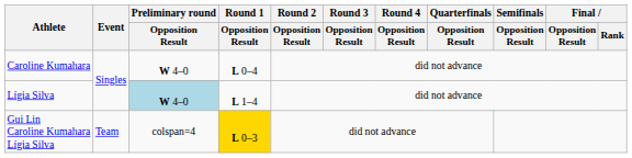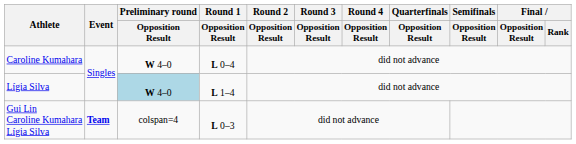 <table class="wikitable" border="1" style="font-size:90%">
 <tr>
 <th rowspan="2">Athlete</th>
 <th rowspan="2">Event</th>
 <th>Preliminary round</th>
 <th>Round 1</th>
 <th>Round 2</th>
 <th>Round 3</th>
 <th>Round 4</th>
 <th>Quarterfinals</th>
 <th>Semifinals</th>
 <th colspan=2>Final / </th>
 </tr>
 <tr style="font-size:95%">
 <th>Opposition<br>Result</th>
 <th>Opposition<br>Result</th>
 <th>Opposition<br>Result</th>
 <th>Opposition<br>Result</th>
 <th>Opposition<br>Result</th>
 <th>Opposition<br>Result</th>
 <th>Opposition<br>Result</th>
 <th>Opposition<br>Result</th>
 <th>Rank</th>
 </tr>
 <tr align=center>
 <td align=left><a href='#'>Caroline Kumahara</a></td>
 <td align=left rowspan=2><a href='#'>Singles</a></td>
 <td><br><strong>W</strong> 4–0</td>
 <td><br><strong>L</strong> 0–4</td>
 <td colspan=7>did not advance</td>
 </tr>
 <tr align=center>
 <td align=left><a href='#'>Lígia Silva</a></td>
 <td style="background: lightblue;"><br><strong>W</strong> 4–0</td>
 <td><br><strong>L</strong> 1–4</td>
 <td colspan=7>did not advance</td>
 </tr>
 <tr align=center>
 <td align=left><a href='#'>Gui Lin</a><br><a href='#'>Caroline Kumahara</a><br><a href='#'>Lígia Silva</a></td>
-<td align=left><a href='#'>Team</a></td>
+<td align=left><strong><a href='#'>Team</a></strong></td>
 <td>colspan=4 </td>
-<td style="background: gold;"><br><strong>L</strong> 0–3</td>
+<td><br><strong>L</strong> 0–3</td>
 <td colspan=4>did not advance</td>
 </tr>
 </table>
